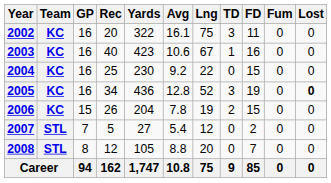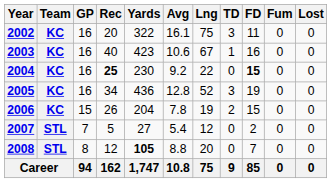 <table class="wikitable" style="text-align: center;">
 <tr>
 <th>Year</th>
 <th>Team</th>
 <th>GP</th>
 <th>Rec</th>
 <th>Yards</th>
 <th>Avg</th>
 <th>Lng</th>
 <th>TD</th>
 <th>FD</th>
 <th>Fum</th>
 <th>Lost</th>
 </tr>
 <tr>
 <th><a href='#'>2002</a></th>
 <th><a href='#'>KC</a></th>
 <td>16</td>
 <td>20</td>
 <td>322</td>
 <td>16.1</td>
 <td>75</td>
 <td>3</td>
 <td>11</td>
 <td>0</td>
 <td>0</td>
 </tr>
 <tr>
 <th><a href='#'>2003</a></th>
 <th><a href='#'>KC</a></th>
 <td>16</td>
 <td>40</td>
 <td>423</td>
 <td>10.6</td>
 <td>67</td>
 <td>1</td>
 <td>16</td>
 <td>0</td>
 <td>0</td>
 </tr>
 <tr>
 <th><a href='#'>2004</a></th>
 <th><a href='#'>KC</a></th>
 <td>16</td>
-<td>25</td>
+<td><strong>25</strong></td>
 <td>230</td>
 <td>9.2</td>
 <td>22</td>
 <td>0</td>
-<td>15</td>
+<td><strong>15</strong></td>
 <td>0</td>
 <td>0</td>
 </tr>
 <tr>
 <th><a href='#'>2005</a></th>
 <th><a href='#'>KC</a></th>
 <td>16</td>
 <td>34</td>
 <td>436</td>
 <td>12.8</td>
 <td>52</td>
 <td>3</td>
 <td>19</td>
 <td>0</td>
-<td><strong>0</strong></td>
+<td>0</td>
 </tr>
 <tr>
 <th><a href='#'>2006</a></th>
 <th><a href='#'>KC</a></th>
 <td>15</td>
 <td>26</td>
 <td>204</td>
 <td>7.8</td>
 <td>19</td>
 <td>2</td>
 <td>15</td>
 <td>0</td>
 <td>0</td>
 </tr>
 <tr>
 <th><a href='#'>2007</a></th>
 <th><a href='#'>STL</a></th>
 <td>7</td>
 <td>5</td>
 <td>27</td>
 <td>5.4</td>
 <td>12</td>
 <td>0</td>
 <td>2</td>
 <td>0</td>
 <td>0</td>
 </tr>
 <tr>
 <th><a href='#'>2008</a></th>
 <th><a href='#'>STL</a></th>
 <td>8</td>
 <td>12</td>
-<td>105</td>
+<td><strong>105</strong></td>
 <td>8.8</td>
 <td>20</td>
 <td>0</td>
 <td>7</td>
 <td>0</td>
 <td>0</td>
 </tr>
 <tr>
 <th colspan="2">Career</th>
 <th>94</th>
 <th>162</th>
 <th>1,747</th>
 <th>10.8</th>
 <th>75</th>
 <th>9</th>
 <th>85</th>
 <th>0</th>
 <th>0</th>
 </tr>
 </table>
